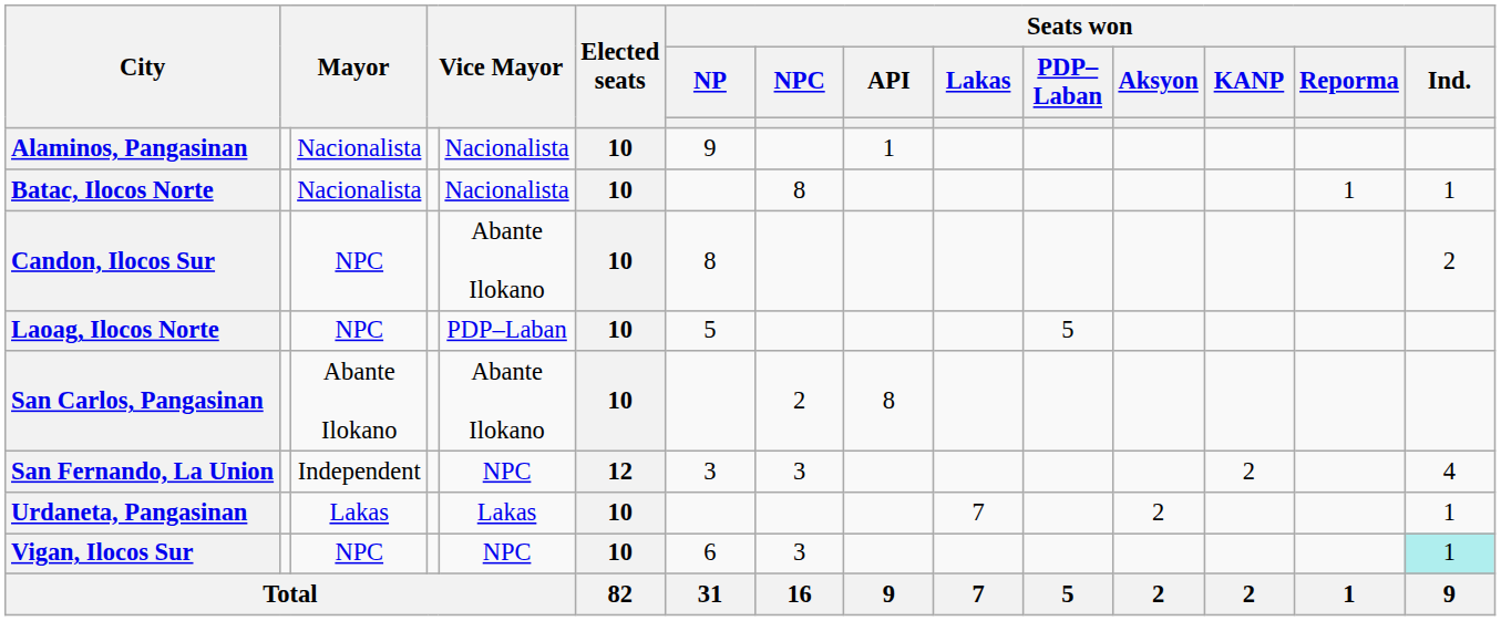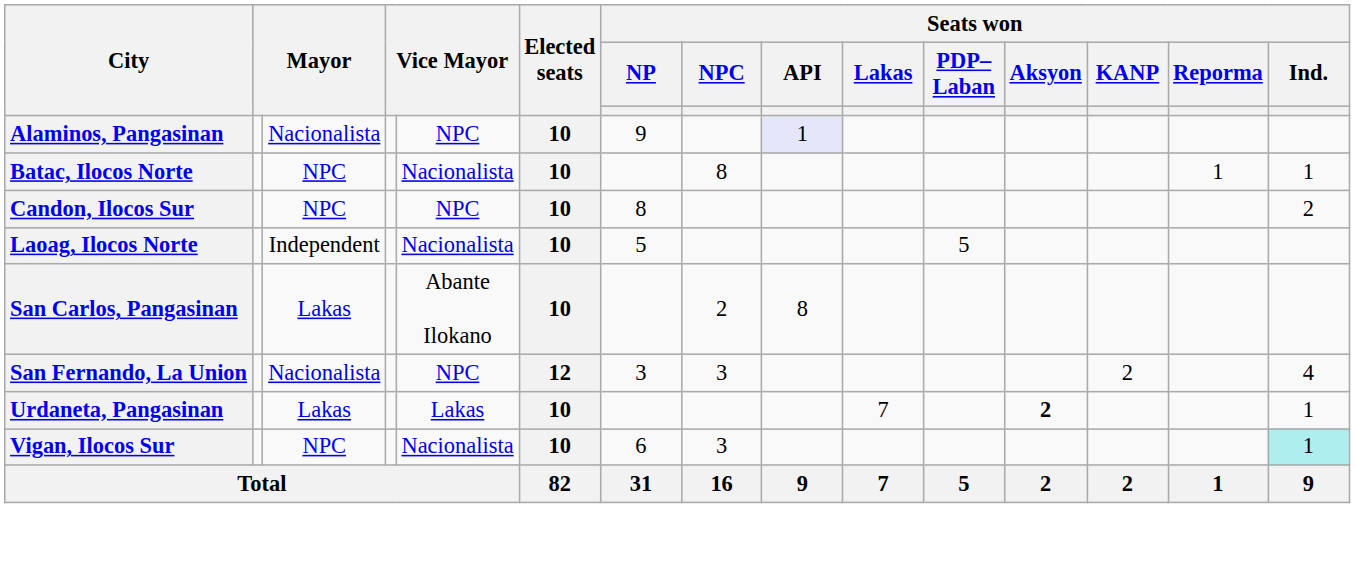 <table class="wikitable" style="text-align:center; font-size: 0.9em;">
 <tr>
 <th rowspan="3">City</th>
 <th colspan="2" rowspan="3" style="width:60px;">Mayor</th>
 <th colspan="2" rowspan="3" style="width:60px;">Vice Mayor</th>
 <th rowspan="3">Elected<br>seats</th>
 <th colspan="9">Seats won</th>
 </tr>
 <tr>
 <th class="unsortable" style="width:45px;"><a href='#'>NP</a></th>
 <th class="unsortable" style="width:45px;"><a href='#'>NPC</a></th>
 <th class="unsortable" style="width:45px;">API</th>
 <th class="unsortable" style="width:45px;"><a href='#'>Lakas</a></th>
 <th class="unsortable" style="width:45px;"><a href='#'>PDP–Laban</a></th>
 <th class="unsortable" style="width:45px;"><a href='#'>Aksyon</a></th>
 <th class="unsortable" style="width:45px;"><a href='#'>KANP</a></th>
 <th class="unsortable" style="width:45px;"><a href='#'>Reporma</a></th>
 <th class="unsortable" style="width:45px;">Ind.</th>
 </tr>
 <tr>
 <th style="color:inherit;background:"></th>
 <th style="color:inherit;background:"></th>
 <th></th>
 <th style="color:inherit;background:"></th>
 <th style="color:inherit;background:"></th>
 <th style="color:inherit;background:"></th>
 <th style="color:inherit;background:"></th>
 <th style="color:inherit;background:"></th>
 <th style="color:inherit;background:"></th>
 </tr>
 <tr>
 <th style="text-align: left;"><a href='#'>Alaminos, Pangasinan</a></th>
 <td style="color:inherit;background:"></td>
 <td><a href='#'>Nacionalista</a></td>
 <td style="color:inherit;background:"></td>
-<td><a href='#'>Nacionalista</a></td>
+<td><a href='#'>NPC</a></td>
 <th>10</th>
 <td>9</td>
 <td></td>
-<td>1</td>
+<td style="background: lavender;">1</td>
 <td></td>
 <td></td>
 <td></td>
 <td></td>
 <td></td>
 <td></td>
 </tr>
 <tr>
 <th style="text-align: left;"><a href='#'>Batac, Ilocos Norte</a></th>
 <td style="color:inherit;background:"></td>
-<td><a href='#'>Nacionalista</a></td>
+<td><a href='#'>NPC</a></td>
 <td style="color:inherit;background:"></td>
 <td><a href='#'>Nacionalista</a></td>
 <th>10</th>
 <td></td>
 <td>8</td>
 <td></td>
 <td></td>
 <td></td>
 <td></td>
 <td></td>
 <td>1</td>
 <td>1</td>
 </tr>
 <tr>
 <th style="text-align: left;"><a href='#'>Candon, Ilocos Sur</a></th>
 <td style="color:inherit;background:"></td>
 <td><a href='#'>NPC</a></td>
 <td style="color:inherit;background:"></td>
-<td>Abante<br><br>Ilokano</td>
+<td><a href='#'>NPC</a></td>
 <th>10</th>
 <td>8</td>
 <td></td>
 <td></td>
 <td></td>
 <td></td>
 <td></td>
 <td></td>
 <td></td>
 <td>2</td>
 </tr>
 <tr>
 <th style="text-align: left;"><a href='#'>Laoag, Ilocos Norte</a></th>
 <td style="color:inherit;background:"></td>
-<td><a href='#'>NPC</a></td>
+<td>Independent</td>
 <td style="color:inherit;background:"></td>
-<td><a href='#'>PDP–Laban</a></td>
+<td><a href='#'>Nacionalista</a></td>
 <th>10</th>
 <td>5</td>
 <td></td>
 <td></td>
 <td></td>
 <td>5</td>
 <td></td>
 <td></td>
 <td></td>
 <td></td>
 </tr>
 <tr>
 <th style="text-align: left;"><a href='#'>San Carlos, Pangasinan</a></th>
 <td style="color:inherit;background:"></td>
-<td>Abante<br><br>Ilokano</td>
+<td><a href='#'>Lakas</a></td>
 <td style="color:inherit;background:"></td>
 <td>Abante<br><br>Ilokano</td>
 <th>10</th>
 <td></td>
 <td>2</td>
 <td>8</td>
 <td></td>
 <td></td>
 <td></td>
 <td></td>
 <td></td>
 <td></td>
 </tr>
 <tr>
 <th style="text-align: left;"><a href='#'>San Fernando, La Union</a></th>
 <td style="color:inherit;background:"></td>
-<td>Independent</td>
+<td><a href='#'>Nacionalista</a></td>
 <td style="color:inherit;background:"></td>
 <td><a href='#'>NPC</a></td>
 <th>12</th>
 <td>3</td>
 <td>3</td>
 <td></td>
 <td></td>
 <td></td>
 <td></td>
 <td>2</td>
 <td></td>
 <td>4</td>
 </tr>
 <tr>
 <th style="text-align: left;"><a href='#'>Urdaneta, Pangasinan</a></th>
 <td style="color:inherit;background:"></td>
 <td><a href='#'>Lakas</a></td>
 <td style="color:inherit;background:"></td>
 <td><a href='#'>Lakas</a></td>
 <th>10</th>
 <td></td>
 <td></td>
 <td></td>
 <td>7</td>
 <td></td>
-<td>2</td>
+<td><strong>2</strong></td>
 <td></td>
 <td></td>
 <td>1</td>
 </tr>
 <tr>
 <th style="text-align: left;"><a href='#'>Vigan, Ilocos Sur</a></th>
 <td style="color:inherit;background:"></td>
 <td><a href='#'>NPC</a></td>
 <td style="color:inherit;background:"></td>
-<td><a href='#'>NPC</a></td>
+<td><a href='#'>Nacionalista</a></td>
 <th>10</th>
 <td>6</td>
 <td>3</td>
 <td></td>
 <td></td>
 <td></td>
 <td></td>
 <td></td>
 <td></td>
 <td style="background: paleturquoise;">1</td>
 </tr>
 <tr>
 <th colspan="5">Total</th>
 <th>82</th>
 <th>31</th>
 <th>16</th>
 <th>9</th>
 <th>7</th>
 <th>5</th>
 <th>2</th>
 <th>2</th>
 <th>1</th>
 <th>9</th>
 </tr>
 </table>
